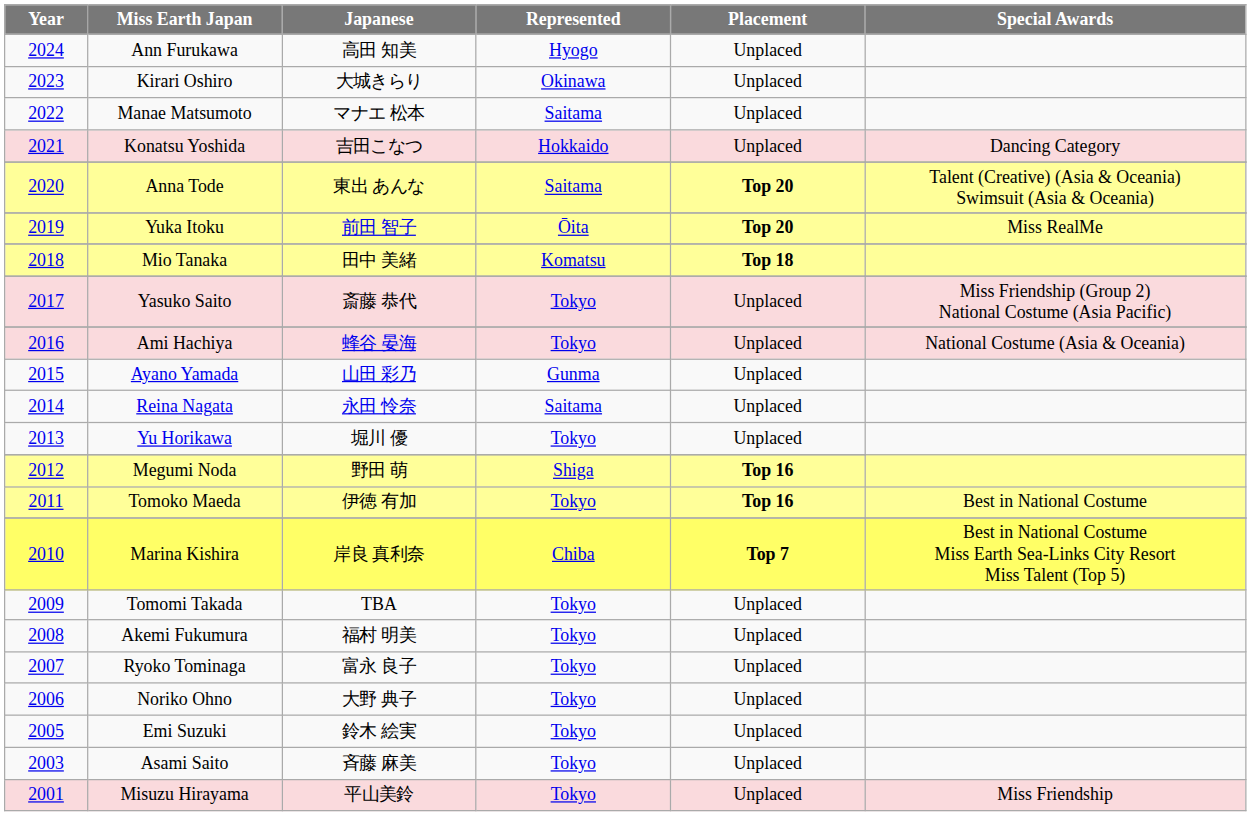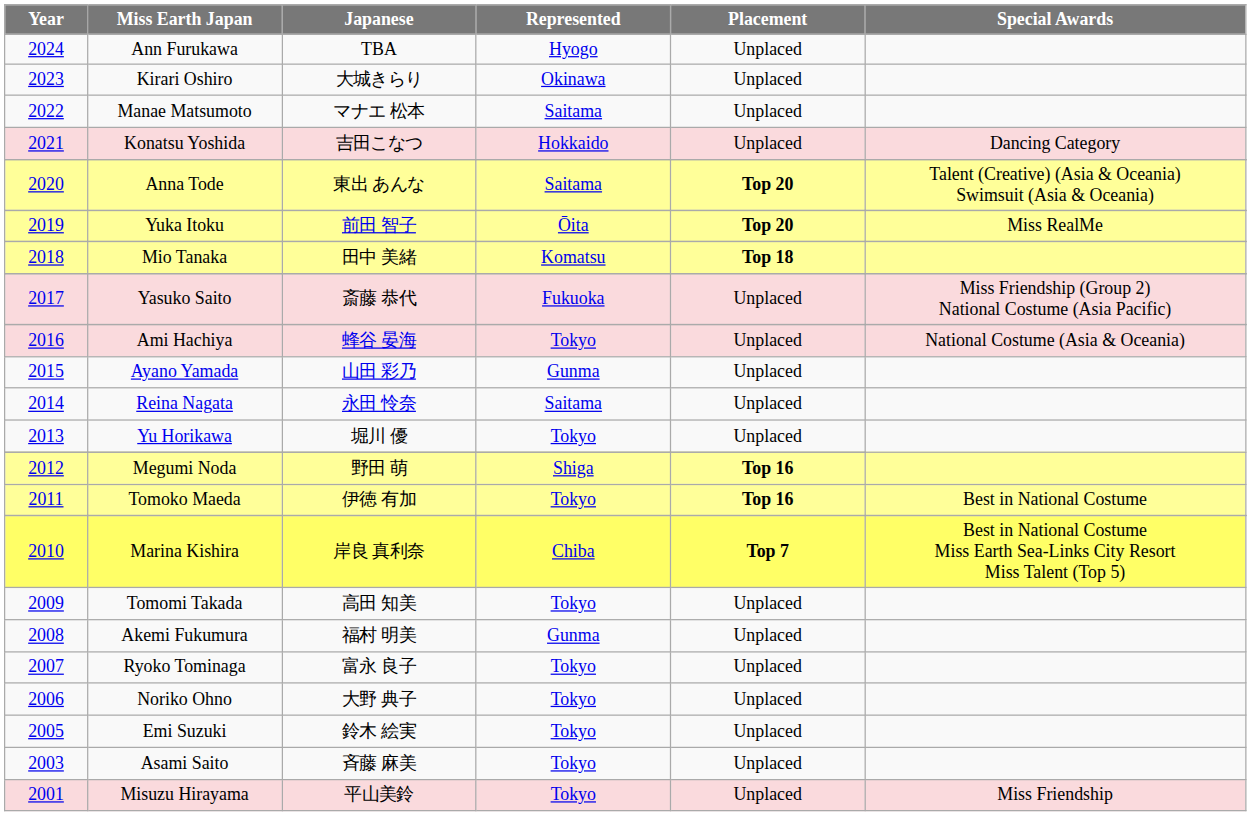 <table class="wikitable sortable" style="font-size: 90%; text-align:center">
 <tr>
 <th width="60" style="background-color:#787878;color:#FFFFFF;">Year</th>
 <th width="150" style="background-color:#787878;color:#FFFFFF;">Miss Earth Japan</th>
 <th width="150" style="background-color:#787878;color:#FFFFFF;">Japanese</th>
 <th width="150" style="background-color:#787878;color:#FFFFFF;">Represented</th>
 <th width="150" style="background-color:#787878;color:#FFFFFF;">Placement</th>
 <th width="300" style="background-color:#787878;color:#FFFFFF;">Special Awards</th>
 </tr>
 <tr>
 <td><a href='#'>2024</a></td>
 <td>Ann Furukawa</td>
-<td>高田 知美</td>
+<td>TBA</td>
 <td><a href='#'>Hyogo</a></td>
 <td>Unplaced</td>
 <td></td>
 </tr>
 <tr>
 <td><a href='#'>2023</a></td>
 <td>Kirari Oshiro</td>
 <td>大城きらり</td>
 <td><a href='#'>Okinawa</a></td>
 <td>Unplaced</td>
 <td></td>
 </tr>
 <tr>
 <td><a href='#'>2022</a></td>
 <td>Manae Matsumoto</td>
 <td>マナエ 松本</td>
 <td><a href='#'>Saitama</a></td>
 <td>Unplaced</td>
 <td></td>
 </tr>
 <tr style="background-color:#FADADD;: bold">
 <td><a href='#'>2021</a></td>
 <td>Konatsu Yoshida</td>
 <td>吉田こなつ</td>
 <td><a href='#'>Hokkaido</a></td>
 <td>Unplaced</td>
 <td> Dancing Category</td>
 </tr>
 <tr>
 </tr>
 <tr style="background-color:#FFFF99;">
 <td><a href='#'>2020</a></td>
 <td>Anna Tode</td>
 <td>東出 あんな</td>
 <td><a href='#'>Saitama</a></td>
 <td><strong>Top 20</strong></td>
 <td> Talent (Creative) (Asia & Oceania)<br> Swimsuit (Asia & Oceania)</td>
 </tr>
 <tr>
 </tr>
 <tr style="background-color:#FFFF99;">
 <td><a href='#'>2019</a></td>
 <td>Yuka Itoku</td>
 <td><a href='#'>前田 智子</a></td>
 <td><a href='#'>Ōita</a></td>
 <td><strong>Top 20</strong></td>
 <td>Miss RealMe</td>
 </tr>
 <tr>
 </tr>
 <tr style="background-color:#FFFF99;">
 <td><a href='#'>2018</a></td>
 <td>Mio Tanaka</td>
 <td>田中 美緒</td>
 <td><a href='#'>Komatsu</a></td>
 <td><strong>Top 18</strong></td>
 <td></td>
 </tr>
 <tr>
 </tr>
 <tr style="background-color:#FADADD;: bold">
 <td><a href='#'>2017</a></td>
 <td>Yasuko Saito</td>
 <td>斎藤 恭代</td>
-<td><a href='#'>Tokyo</a></td>
+<td><a href='#'>Fukuoka</a></td>
 <td>Unplaced</td>
 <td> Miss Friendship (Group 2)<br> National Costume (Asia Pacific)</td>
 </tr>
 <tr>
 </tr>
 <tr style="background-color:#FADADD;: bold">
 <td><a href='#'>2016</a></td>
 <td>Ami Hachiya</td>
 <td><a href='#'>蜂谷 晏海</a></td>
 <td><a href='#'>Tokyo</a></td>
 <td>Unplaced</td>
 <td> National Costume (Asia & Oceania)</td>
 </tr>
 <tr>
 <td><a href='#'>2015</a></td>
 <td><a href='#'>Ayano Yamada</a></td>
 <td><a href='#'>山田 彩乃</a></td>
 <td><a href='#'>Gunma</a></td>
 <td>Unplaced</td>
 <td></td>
 </tr>
 <tr>
 <td><a href='#'>2014</a></td>
 <td><a href='#'>Reina Nagata</a></td>
 <td><a href='#'>永田 怜奈</a></td>
 <td><a href='#'>Saitama</a></td>
 <td>Unplaced</td>
 <td></td>
 </tr>
 <tr>
 <td><a href='#'>2013</a></td>
 <td><a href='#'>Yu Horikawa</a></td>
 <td>堀川 優</td>
 <td><a href='#'>Tokyo</a></td>
 <td>Unplaced</td>
 </tr>
 <tr>
 </tr>
 <tr style="background-color:#FFFF99;">
 <td><a href='#'>2012</a></td>
 <td>Megumi Noda</td>
 <td>野田 萌</td>
 <td><a href='#'>Shiga</a></td>
 <td><strong>Top 16</strong></td>
 <td></td>
 </tr>
 <tr style="background-color:#FFFF99;">
 <td><a href='#'>2011</a></td>
 <td>Tomoko Maeda</td>
 <td>伊徳 有加</td>
 <td><a href='#'>Tokyo</a></td>
 <td><strong>Top 16</strong></td>
 <td>Best in National Costume</td>
 </tr>
 <tr>
 </tr>
 <tr style="background-color:#FFFF66;">
 <td><a href='#'>2010</a></td>
 <td>Marina Kishira</td>
 <td>岸良 真利奈</td>
 <td><a href='#'>Chiba</a></td>
 <td><strong>Top 7</strong></td>
 <td>Best in National Costume <br> Miss Earth Sea-Links City Resort <br> Miss Talent (Top 5)</td>
 </tr>
 <tr>
 <td><a href='#'>2009</a></td>
 <td>Tomomi Takada</td>
-<td>TBA</td>
+<td>高田 知美</td>
 <td><a href='#'>Tokyo</a></td>
 <td>Unplaced</td>
 <td></td>
 </tr>
 <tr>
 <td><a href='#'>2008</a></td>
 <td>Akemi Fukumura</td>
 <td>福村 明美</td>
-<td><a href='#'>Tokyo</a></td>
+<td><a href='#'>Gunma</a></td>
 <td>Unplaced</td>
 <td></td>
 </tr>
 <tr>
 <td><a href='#'>2007</a></td>
 <td>Ryoko Tominaga</td>
 <td>富永 良子</td>
 <td><a href='#'>Tokyo</a></td>
 <td>Unplaced</td>
 <td></td>
 </tr>
 <tr>
 <td><a href='#'>2006</a></td>
 <td>Noriko Ohno</td>
 <td>大野 典子</td>
 <td><a href='#'>Tokyo</a></td>
 <td>Unplaced</td>
 <td></td>
 </tr>
 <tr>
 <td><a href='#'>2005</a></td>
 <td>Emi Suzuki</td>
 <td>鈴木 絵実</td>
 <td><a href='#'>Tokyo</a></td>
 <td>Unplaced</td>
 <td></td>
 </tr>
 <tr>
 <td><a href='#'>2003</a></td>
 <td>Asami Saito</td>
 <td>斉藤 麻美</td>
 <td><a href='#'>Tokyo</a></td>
 <td>Unplaced</td>
 <td></td>
 </tr>
 <tr style="background-color:#FADADD;: bold">
 <td><a href='#'>2001</a></td>
 <td>Misuzu Hirayama</td>
 <td>平山美鈴</td>
 <td><a href='#'>Tokyo</a></td>
 <td>Unplaced</td>
 <td>Miss Friendship</td>
 </tr>
 </table>
